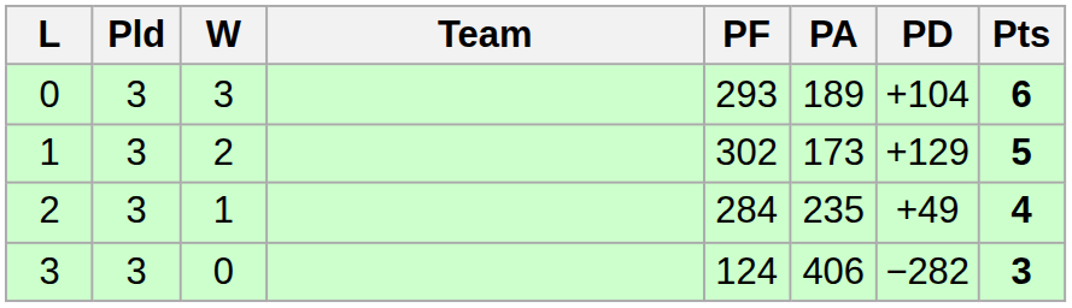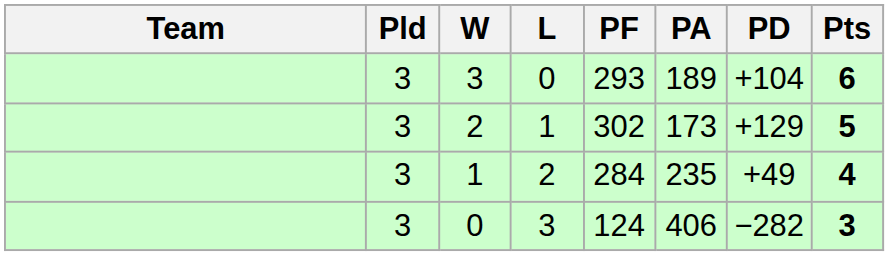 <table class="wikitable" style="text-align:center;">
 <tr>
-<th width=30>L</th>
+<th width=180>Team</th>
 <th width=30>Pld</th>
 <th width=30>W</th>
-<th width=180>Team</th>
+<th width=30>L</th>
 <th width=30>PF</th>
 <th width=30>PA</th>
 <th width=30>PD</th>
 <th width=30>Pts</th>
 </tr>
 <tr bgcolor="#ccffcc">
-<td>0</td>
+<td align="left"></td>
 <td>3</td>
 <td>3</td>
-<td align="left"></td>
+<td>0</td>
 <td>293</td>
 <td>189</td>
 <td>+104</td>
 <td><strong>6</strong></td>
 </tr>
 <tr bgcolor="#ccffcc">
-<td>1</td>
+<td align="left"></td>
 <td>3</td>
 <td>2</td>
-<td align="left"></td>
+<td>1</td>
 <td>302</td>
 <td>173</td>
 <td>+129</td>
 <td><strong>5</strong></td>
 </tr>
 <tr bgcolor="#ccffcc">
-<td>2</td>
+<td align="left"></td>
 <td>3</td>
 <td>1</td>
-<td align="left"></td>
+<td>2</td>
 <td>284</td>
 <td>235</td>
 <td>+49</td>
 <td><strong>4</strong></td>
 </tr>
 <tr bgcolor="#ccffcc">
-<td>3</td>
+<td align="left"></td>
 <td>3</td>
 <td>0</td>
-<td align="left"></td>
+<td>3</td>
 <td>124</td>
 <td>406</td>
 <td>−282</td>
 <td><strong>3</strong></td>
 </tr>
 </table>
